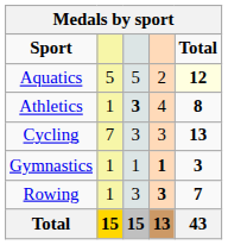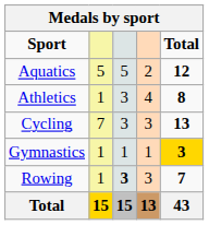 <table class="wikitable" style="font-size:85%; text-align:center;">
 <tr style="background:#efefef;">
 <th colspan=5><strong>Medals by sport</strong></th>
 </tr>
 <tr>
 <td><strong>Sport</strong></td>
 <td style="background:#f7f6a8;"></td>
 <td style="background:#dce5e5;"></td>
 <td style="background:#ffdab9;"></td>
 <td><strong>Total</strong></td>
 </tr>
 <tr>
 <td><a href='#'>Aquatics</a></td>
 <td style="background:#F7F6A8;">5</td>
 <td style="background:#DCE5E5;">5</td>
 <td style="background:#FFDAB9;">2</td>
-<td style="background: lightyellow;"><strong>12</strong></td>
+<td><strong>12</strong></td>
 </tr>
 <tr>
 <td><a href='#'>Athletics</a></td>
 <td style="background:#F7F6A8;">1</td>
-<td style="background:#DCE5E5;"><strong>3</strong></td>
+<td style="background:#DCE5E5;">3</td>
 <td style="background:#FFDAB9;">4</td>
 <td><strong>8</strong></td>
 </tr>
 <tr>
 <td><a href='#'>Cycling</a></td>
 <td style="background:#F7F6A8;">7</td>
 <td style="background:#DCE5E5;">3</td>
 <td style="background:#FFDAB9;">3</td>
 <td><strong>13</strong></td>
 </tr>
 <tr>
 <td><a href='#'>Gymnastics</a></td>
 <td style="background:#F7F6A8;">1</td>
 <td style="background:#DCE5E5;">1</td>
-<td style="background:#FFDAB9;"><strong>1</strong></td>
-<td><strong>3</strong></td>
+<td style="background:#FFDAB9;">1</td>
+<td style="background: gold;"><strong>3</strong></td>
 </tr>
 <tr>
 <td><a href='#'>Rowing</a></td>
 <td style="background:#F7F6A8;">1</td>
-<td style="background:#DCE5E5;">3</td>
-<td style="background:#FFDAB9;"><strong>3</strong></td>
+<td style="background:#DCE5E5;"><strong>3</strong></td>
+<td style="background:#FFDAB9;">3</td>
 <td><strong>7</strong></td>
 </tr>
 <tr>
 <th>Total</th>
 <th style="background:gold;">15</th>
 <th style="background:silver;">15</th>
 <th style="background:#c96;">13</th>
 <th>43</th>
 </tr>
 </table>
